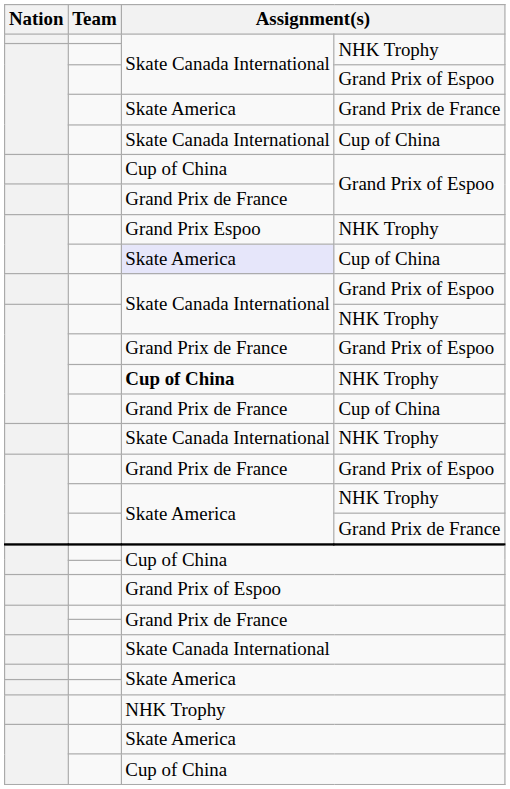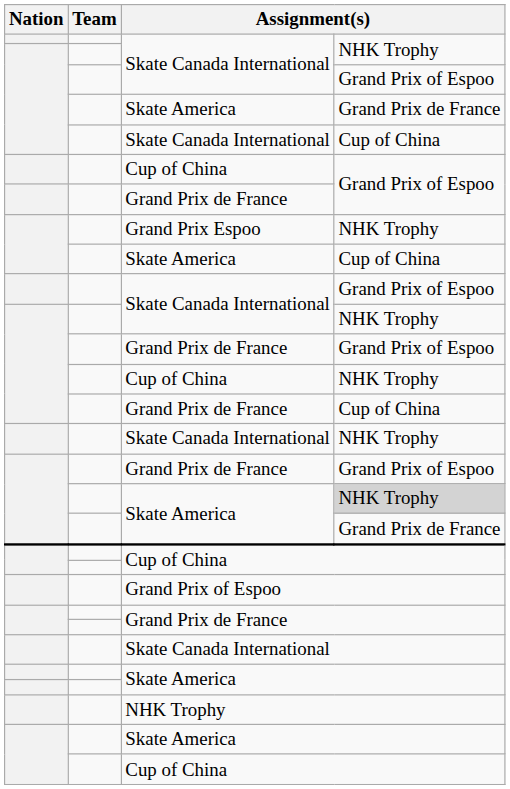 <table class="wikitable unsortable" style="text-align:left">
 <tr>
 <th scope="col">Nation</th>
 <th scope="col">Team</th>
 <th scope="col" colspan="2">Assignment(s)</th>
 </tr>
 <tr>
 <th scope="row" style="text-align:left"></th>
 <td></td>
 <td rowspan="3">Skate Canada International</td>
 <td rowspan="2">NHK Trophy</td>
 </tr>
 <tr>
 <th rowspan="4" scope="row" style="text-align:left"></th>
 <td></td>
 </tr>
 <tr>
 <td></td>
 <td>Grand Prix of Espoo</td>
 </tr>
 <tr>
 <td></td>
 <td>Skate America</td>
 <td>Grand Prix de France</td>
 </tr>
 <tr>
 <td></td>
 <td>Skate Canada International</td>
 <td>Cup of China</td>
 </tr>
 <tr>
 <th scope="row" style="text-align:left"></th>
 <td></td>
 <td>Cup of China</td>
 <td rowspan="2">Grand Prix of Espoo</td>
 </tr>
 <tr>
 <th scope="row" style="text-align:left"></th>
 <td></td>
 <td>Grand Prix de France</td>
 </tr>
 <tr>
 <th rowspan="2" scope="row" style="text-align:left"></th>
 <td></td>
 <td>Grand Prix Espoo</td>
 <td>NHK Trophy</td>
 </tr>
 <tr>
 <td></td>
-<td style="background: lavender;">Skate America</td>
+<td>Skate America</td>
 <td>Cup of China</td>
 </tr>
 <tr>
 <th scope="row" style="text-align:left"></th>
 <td></td>
 <td rowspan="2">Skate Canada International</td>
 <td>Grand Prix of Espoo</td>
 </tr>
 <tr>
 <th rowspan="4" scope="row" style="text-align:left"></th>
 <td></td>
 <td>NHK Trophy</td>
 </tr>
 <tr>
 <td></td>
 <td>Grand Prix de France</td>
 <td>Grand Prix of Espoo</td>
 </tr>
 <tr>
 <td></td>
-<td><strong>Cup of China</strong></td>
+<td>Cup of China</td>
 <td>NHK Trophy</td>
 </tr>
 <tr>
 <td></td>
 <td>Grand Prix de France</td>
 <td>Cup of China</td>
 </tr>
 <tr>
 <th scope="row" style="text-align:left"></th>
 <td></td>
 <td>Skate Canada International</td>
 <td>NHK Trophy</td>
 </tr>
 <tr>
 <th rowspan="3" scope="row" style="text-align:left"></th>
 <td></td>
 <td>Grand Prix de France</td>
 <td>Grand Prix of Espoo</td>
 </tr>
 <tr>
 <td></td>
 <td rowspan="2">Skate America</td>
-<td>NHK Trophy</td>
+<td style="background: lightgrey;">NHK Trophy</td>
 </tr>
 <tr>
 <td></td>
 <td>Grand Prix de France</td>
 </tr>
 <tr style="border-top:2.5px solid">
 <th rowspan="2" scope="row" style="text-align:left"></th>
 <td></td>
 <td colspan="2" rowspan="2">Cup of China</td>
 </tr>
 <tr>
 <td></td>
 </tr>
 <tr>
 <th scope="row" style="text-align:left"></th>
 <td></td>
 <td colspan="2">Grand Prix of Espoo</td>
 </tr>
 <tr>
 <th rowspan="2" scope="row" style="text-align:left"></th>
 <td></td>
 <td colspan="2" rowspan="2">Grand Prix de France</td>
 </tr>
 <tr>
 <td></td>
 </tr>
 <tr>
 <th scope="row" style="text-align:left"></th>
 <td></td>
 <td colspan="2">Skate Canada International</td>
 </tr>
 <tr>
 <th scope="row" style="text-align:left"></th>
 <td></td>
 <td colspan="2" rowspan="2">Skate America</td>
 </tr>
 <tr>
 <th scope="row" style="text-align:left"></th>
 <td></td>
 </tr>
 <tr>
 <th scope="row" style="text-align:left"></th>
 <td></td>
 <td colspan="2">NHK Trophy</td>
 </tr>
 <tr>
 <th rowspan="2" scope="row" style="text-align:left"></th>
 <td></td>
 <td colspan="2">Skate America</td>
 </tr>
 <tr>
 <td></td>
 <td colspan="2">Cup of China</td>
 </tr>
 </table>
